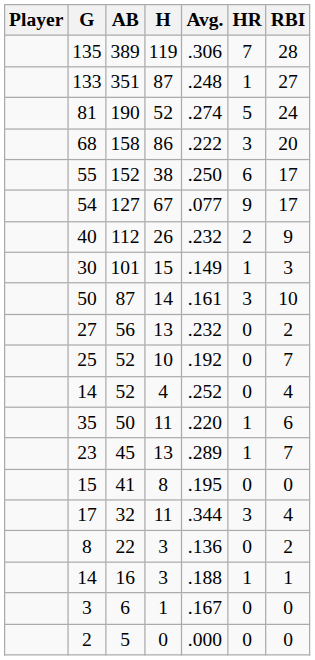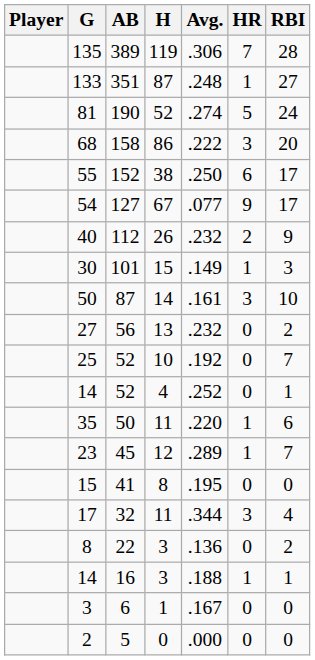 <table class="wikitable sortable">
 <tr>
 <th>Player</th>
 <th>G</th>
 <th>AB</th>
 <th>H</th>
 <th>Avg.</th>
 <th>HR</th>
 <th>RBI</th>
 </tr>
 <tr align="center">
 <td></td>
 <td>135</td>
 <td>389</td>
 <td>119</td>
 <td>.306</td>
 <td>7</td>
 <td>28</td>
 </tr>
 <tr align="center">
 <td></td>
 <td>133</td>
 <td>351</td>
 <td>87</td>
 <td>.248</td>
 <td>1</td>
 <td>27</td>
 </tr>
 <tr align="center">
 <td></td>
 <td>81</td>
 <td>190</td>
 <td>52</td>
 <td>.274</td>
 <td>5</td>
 <td>24</td>
 </tr>
 <tr align="center">
 <td></td>
 <td>68</td>
 <td>158</td>
 <td>86</td>
 <td>.222</td>
 <td>3</td>
 <td>20</td>
 </tr>
 <tr align="center">
 <td></td>
 <td>55</td>
 <td>152</td>
 <td>38</td>
 <td>.250</td>
 <td>6</td>
 <td>17</td>
 </tr>
 <tr align="center">
 <td></td>
 <td>54</td>
 <td>127</td>
 <td>67</td>
 <td>.077</td>
 <td>9</td>
 <td>17</td>
 </tr>
 <tr align="center">
 <td></td>
 <td>40</td>
 <td>112</td>
 <td>26</td>
 <td>.232</td>
 <td>2</td>
 <td>9</td>
 </tr>
 <tr align="center">
 <td></td>
 <td>30</td>
 <td>101</td>
 <td>15</td>
 <td>.149</td>
 <td>1</td>
 <td>3</td>
 </tr>
 <tr align="center">
 <td></td>
 <td>50</td>
 <td>87</td>
 <td>14</td>
 <td>.161</td>
 <td>3</td>
 <td>10</td>
 </tr>
 <tr align="center">
 <td></td>
 <td>27</td>
 <td>56</td>
 <td>13</td>
 <td>.232</td>
 <td>0</td>
 <td>2</td>
 </tr>
 <tr align="center">
 <td></td>
 <td>25</td>
 <td>52</td>
 <td>10</td>
 <td>.192</td>
 <td>0</td>
 <td>7</td>
 </tr>
 <tr align="center">
 <td></td>
 <td>14</td>
 <td>52</td>
 <td>4</td>
 <td>.252</td>
 <td>0</td>
-<td>4</td>
+<td>1</td>
 </tr>
 <tr align="center">
 <td></td>
 <td>35</td>
 <td>50</td>
 <td>11</td>
 <td>.220</td>
 <td>1</td>
 <td>6</td>
 </tr>
 <tr align="center">
 <td></td>
 <td>23</td>
 <td>45</td>
-<td>13</td>
+<td>12</td>
 <td>.289</td>
 <td>1</td>
 <td>7</td>
 </tr>
 <tr align="center">
 <td></td>
 <td>15</td>
 <td>41</td>
 <td>8</td>
 <td>.195</td>
 <td>0</td>
 <td>0</td>
 </tr>
 <tr align="center">
 <td></td>
 <td>17</td>
 <td>32</td>
 <td>11</td>
 <td>.344</td>
 <td>3</td>
 <td>4</td>
 </tr>
 <tr align="center">
 <td></td>
 <td>8</td>
 <td>22</td>
 <td>3</td>
 <td>.136</td>
 <td>0</td>
 <td>2</td>
 </tr>
 <tr align="center">
 <td></td>
 <td>14</td>
 <td>16</td>
 <td>3</td>
 <td>.188</td>
 <td>1</td>
 <td>1</td>
 </tr>
 <tr align="center">
 <td></td>
 <td>3</td>
 <td>6</td>
 <td>1</td>
 <td>.167</td>
 <td>0</td>
 <td>0</td>
 </tr>
 <tr align="center">
 <td></td>
 <td>2</td>
 <td>5</td>
 <td>0</td>
 <td>.000</td>
 <td>0</td>
 <td>0</td>
 </tr>
 </table>
